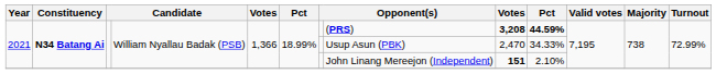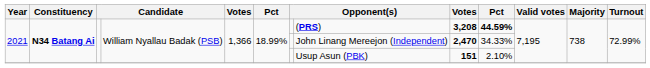 <table class="wikitable" style="margin:0.5em ; font-size:95%">
 <tr>
 <th>Year</th>
 <th>Constituency</th>
 <th colspan=2>Candidate</th>
 <th>Votes</th>
 <th>Pct</th>
 <th colspan=2>Opponent(s)</th>
 <th>Votes</th>
 <th>Pct</th>
 <th>Valid votes</th>
 <th>Majority</th>
 <th>Turnout</th>
 </tr>
 <tr>
 <td rowspan="3"><a href='#'>2021</a></td>
 <td rowspan="3"><strong>N34 <a href='#'>Batang Ai</a></strong></td>
 <td rowspan=3></td>
 <td rowspan=3>William Nyallau Badak (<a href='#'>PSB</a>)</td>
 <td rowspan=3 align=right>1,366</td>
 <td rowspan=3>18.99%</td>
 <td style="background:"></td>
 <td> (<a href='#'><strong>PRS</strong></a>)</td>
 <td align=right><strong>3,208</strong></td>
 <td><strong>44.59%</strong></td>
 <td rowspan="3">7,195</td>
 <td rowspan="3">738</td>
 <td rowspan="3">72.99%</td>
 </tr>
 <tr>
 <td></td>
-<td>Usup Asun (<a href='#'>PBK</a>)</td>
-<td align=right>2,470</td>
+<td>John Linang Mereejon (<a href='#'>Independent</a>)</td>
+<td align=right><strong>2,470</strong></td>
 <td>34.33%</td>
 </tr>
 <tr>
 <td></td>
-<td>John Linang Mereejon (<a href='#'>Independent</a>)</td>
+<td>Usup Asun (<a href='#'>PBK</a>)</td>
 <td align=right><strong>151</strong></td>
 <td align=right>2.10%</td>
 </tr>
 <tr>
 </tr>
 </table>
